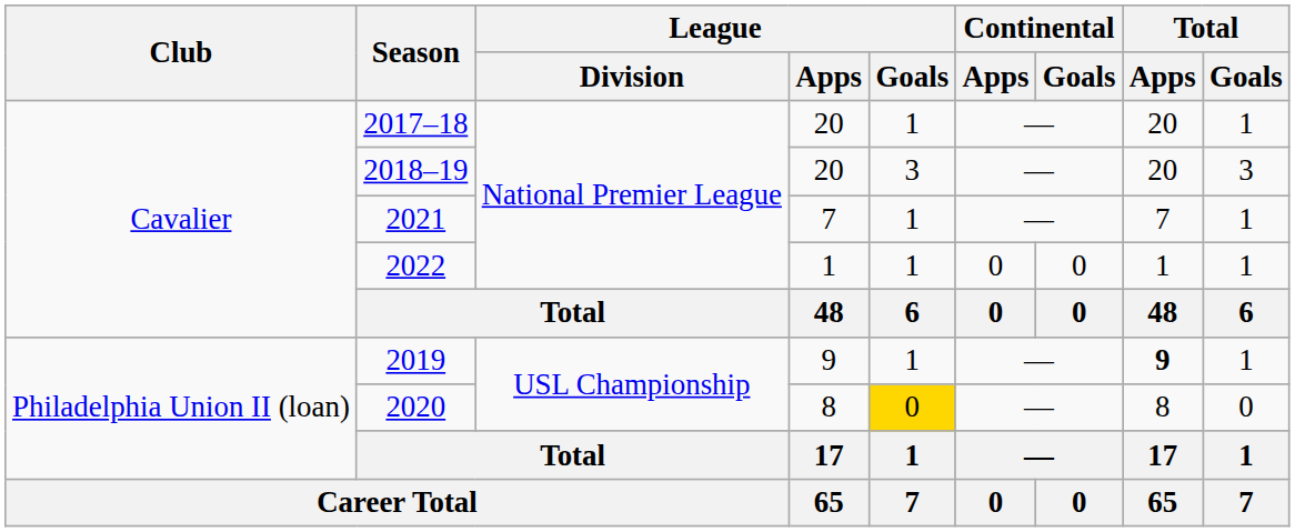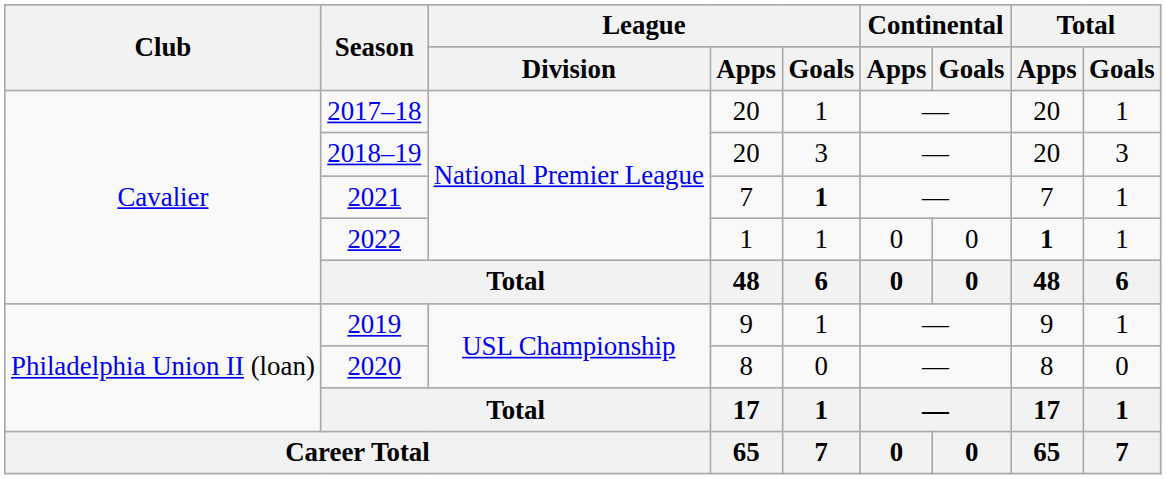 <table class="wikitable" style="text-align: center">
 <tr>
 <th rowspan="2">Club</th>
 <th rowspan="2">Season</th>
 <th colspan="3">League</th>
 <th colspan="2">Continental</th>
 <th colspan="2">Total</th>
 </tr>
 <tr>
 <th>Division</th>
 <th>Apps</th>
 <th>Goals</th>
 <th>Apps</th>
 <th>Goals</th>
 <th>Apps</th>
 <th>Goals</th>
 </tr>
 <tr>
 <td rowspan="5"><a href='#'>Cavalier</a></td>
 <td><a href='#'>2017–18</a></td>
 <td rowspan="4"><a href='#'>National Premier League</a></td>
 <td>20</td>
 <td>1</td>
 <td colspan="2">—</td>
 <td>20</td>
 <td>1</td>
 </tr>
 <tr>
 <td><a href='#'>2018–19</a></td>
 <td>20</td>
 <td>3</td>
 <td colspan="2">—</td>
 <td>20</td>
 <td>3</td>
 </tr>
 <tr>
 <td><a href='#'>2021</a></td>
 <td>7</td>
-<td>1</td>
+<td><strong>1</strong></td>
 <td colspan="2">—</td>
 <td>7</td>
 <td>1</td>
 </tr>
 <tr>
 <td><a href='#'>2022</a></td>
 <td>1</td>
 <td>1</td>
 <td>0</td>
 <td>0</td>
-<td>1</td>
+<td><strong>1</strong></td>
 <td>1</td>
 </tr>
 <tr>
 <th colspan="2">Total</th>
 <th>48</th>
 <th>6</th>
 <th>0</th>
 <th>0</th>
 <th>48</th>
 <th>6</th>
 </tr>
 <tr>
 <td rowspan="3"><a href='#'>Philadelphia Union II</a> (loan)</td>
 <td><a href='#'>2019</a></td>
 <td rowspan="2"><a href='#'>USL Championship</a></td>
 <td>9</td>
 <td>1</td>
 <td colspan="2">—</td>
-<td><strong>9</strong></td>
+<td>9</td>
 <td>1</td>
 </tr>
 <tr>
 <td><a href='#'>2020</a></td>
 <td>8</td>
-<td style="background: gold;">0</td>
+<td>0</td>
 <td colspan="2">—</td>
 <td>8</td>
 <td>0</td>
 </tr>
 <tr>
 <th colspan="2">Total</th>
 <th>17</th>
 <th>1</th>
 <th colspan="2">—</th>
 <th>17</th>
 <th>1</th>
 </tr>
 <tr>
 <th colspan="3">Career Total</th>
 <th>65</th>
 <th>7</th>
 <th>0</th>
 <th>0</th>
 <th>65</th>
 <th>7</th>
 </tr>
 </table>
